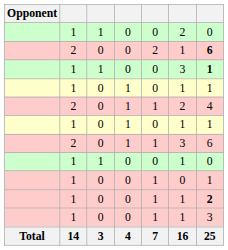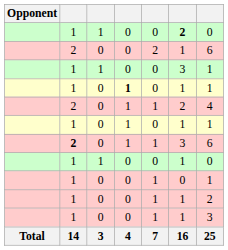 <table class="wikitable sortable" style="text-align: center;">
 <tr>
 <th width="30">Opponent</th>
 <th width="30"></th>
 <th width="30"></th>
 <th width="30"></th>
 <th width="30"></th>
 <th width="30"></th>
 <th width="30"></th>
 </tr>
 <tr bgcolor=#CCFFCC>
 <td align="left"></td>
 <td>1</td>
 <td>1</td>
 <td>0</td>
 <td>0</td>
-<td>2</td>
+<td><strong>2</strong></td>
 <td>0</td>
 </tr>
 <tr bgcolor=#FFCCCC>
 <td align="left"></td>
 <td>2</td>
 <td>0</td>
 <td>0</td>
 <td>2</td>
 <td>1</td>
-<td><strong>6</strong></td>
+<td>6</td>
 </tr>
 <tr bgcolor=#CCFFCC>
 <td align="left"></td>
 <td>1</td>
 <td>1</td>
 <td>0</td>
 <td>0</td>
 <td>3</td>
-<td><strong>1</strong></td>
+<td>1</td>
 </tr>
 <tr bgcolor=#FFFFCC>
 <td align="left"></td>
 <td>1</td>
 <td>0</td>
-<td>1</td>
+<td><strong>1</strong></td>
 <td>0</td>
 <td>1</td>
 <td>1</td>
 </tr>
 <tr bgcolor=#FFCCCC>
 <td align="left"></td>
 <td>2</td>
 <td>0</td>
 <td>1</td>
 <td>1</td>
 <td>2</td>
 <td>4</td>
 </tr>
 <tr bgcolor=#FFFFCC>
 <td align="left"></td>
 <td>1</td>
 <td>0</td>
 <td>1</td>
 <td>0</td>
 <td>1</td>
 <td>1</td>
 </tr>
 <tr bgcolor=#FFCCCC>
 <td align="left"></td>
-<td>2</td>
+<td><strong>2</strong></td>
 <td>0</td>
 <td>1</td>
 <td>1</td>
 <td>3</td>
 <td>6</td>
 </tr>
 <tr bgcolor=#CCFFCC>
 <td align="left"></td>
 <td>1</td>
 <td>1</td>
 <td>0</td>
 <td>0</td>
 <td>1</td>
 <td>0</td>
 </tr>
 <tr bgcolor=#FFCCCC>
 <td align="left"></td>
 <td>1</td>
 <td>0</td>
 <td>0</td>
 <td>1</td>
 <td>0</td>
 <td>1</td>
 </tr>
 <tr bgcolor=#FFCCCC>
 <td align="left"></td>
 <td>1</td>
 <td>0</td>
 <td>0</td>
 <td>1</td>
 <td>1</td>
-<td><strong>2</strong></td>
+<td>2</td>
 </tr>
 <tr bgcolor=#FFCCCC>
 <td align="left"></td>
 <td>1</td>
 <td>0</td>
 <td>0</td>
 <td>1</td>
 <td>1</td>
 <td>3</td>
 </tr>
 <tr>
 <th>Total</th>
 <th>14</th>
 <th>3</th>
 <th>4</th>
 <th>7</th>
 <th>16</th>
 <th>25</th>
 </tr>
 </table>
